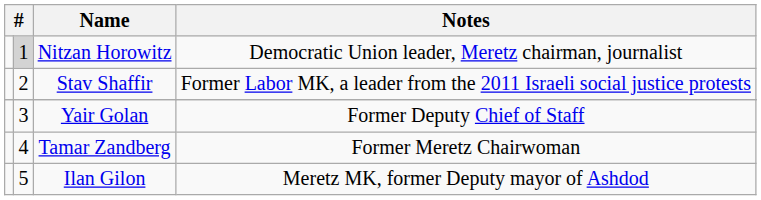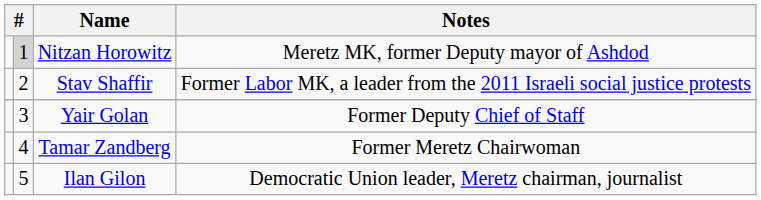 <table class="wikitable" style="text-align: center;">
 <tr>
 <th colspan="2">#</th>
 <th>Name</th>
 <th>Notes</th>
 </tr>
 <tr>
 <td style="background: "></td>
 <td style="background: lightgrey;">1</td>
 <td><a href='#'>Nitzan Horowitz</a></td>
-<td>Democratic Union leader, <a href='#'>Meretz</a> chairman, journalist</td>
+<td>Meretz MK, former Deputy mayor of <a href='#'>Ashdod</a></td>
 </tr>
 <tr>
 <td style="background: "></td>
 <td>2</td>
 <td><a href='#'>Stav Shaffir</a></td>
 <td>Former <a href='#'>Labor</a> MK, a leader from the <a href='#'>2011 Israeli social justice protests</a></td>
 </tr>
 <tr>
 </tr>
 <tr>
 <td style="background: "></td>
 <td>3</td>
 <td><a href='#'>Yair Golan</a></td>
 <td>Former Deputy <a href='#'>Chief of Staff</a></td>
 </tr>
 <tr>
 <td style="background: "></td>
 <td>4</td>
 <td><a href='#'>Tamar Zandberg</a></td>
 <td>Former Meretz Chairwoman</td>
 </tr>
 <tr>
 <td style="background: "></td>
 <td>5</td>
 <td><a href='#'>Ilan Gilon</a></td>
-<td>Meretz MK, former Deputy mayor of <a href='#'>Ashdod</a></td>
+<td>Democratic Union leader, <a href='#'>Meretz</a> chairman, journalist</td>
 </tr>
 </table>
